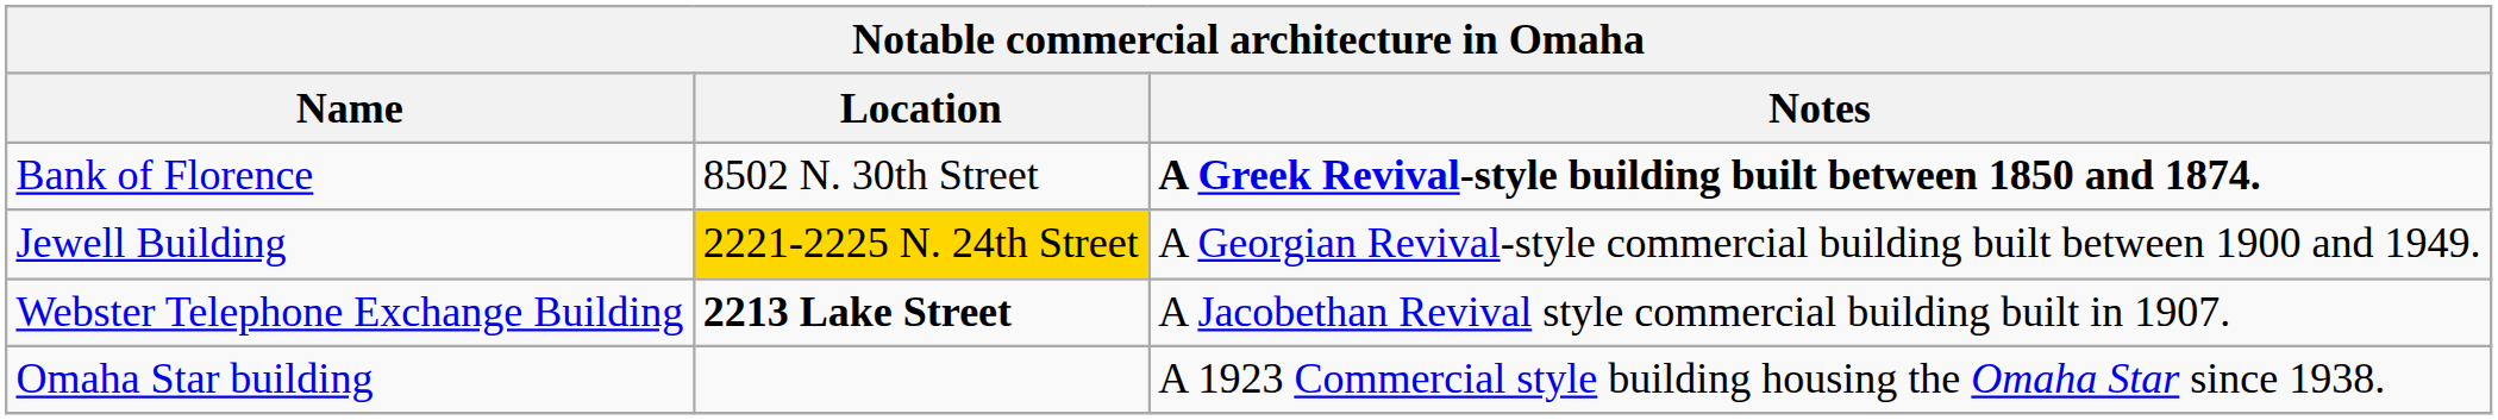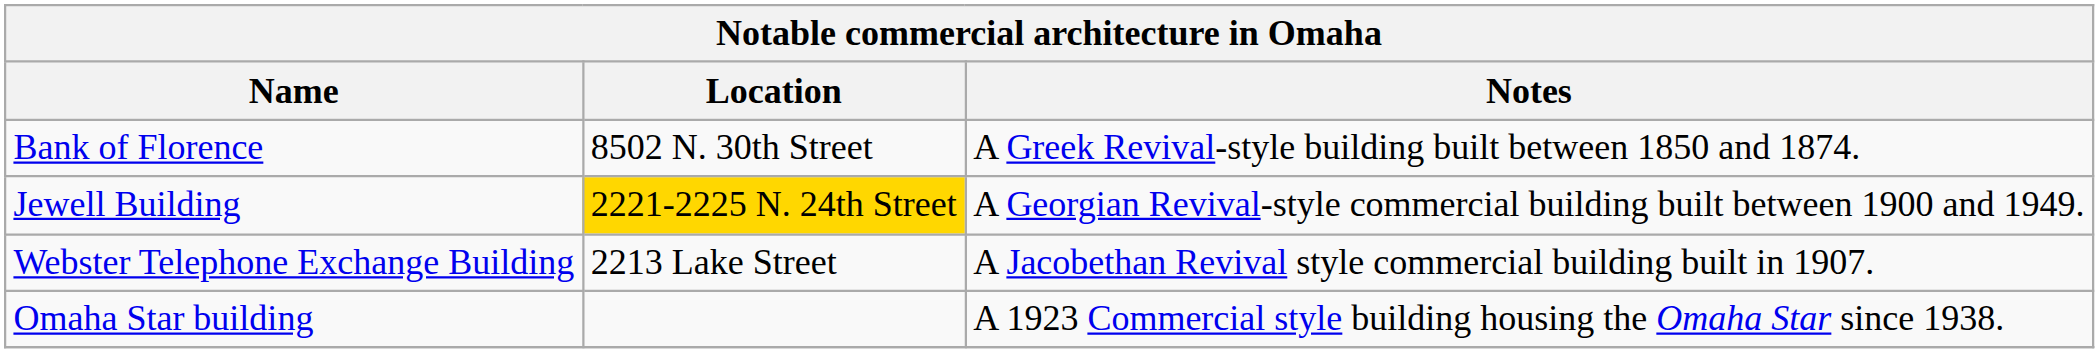 <table class="wikitable">
 <tr>
 <th align="center" colspan="6"><strong>Notable commercial architecture in Omaha</strong></th>
 </tr>
 <tr>
 <th>Name</th>
 <th>Location</th>
 <th>Notes</th>
 </tr>
 <tr>
 <td><a href='#'>Bank of Florence</a></td>
 <td>8502 N. 30th Street</td>
-<td><strong>A <a href='#'>Greek Revival</a>-style building built between 1850 and 1874.</strong></td>
+<td>A <a href='#'>Greek Revival</a>-style building built between 1850 and 1874.</td>
 </tr>
 <tr>
 <td><a href='#'>Jewell Building</a></td>
 <td style="background: gold;">2221-2225 N. 24th Street</td>
 <td>A <a href='#'>Georgian Revival</a>-style commercial building built between 1900 and 1949.</td>
 </tr>
 <tr>
 <td><a href='#'>Webster Telephone Exchange Building</a></td>
-<td><strong>2213 Lake Street</strong></td>
+<td>2213 Lake Street</td>
 <td>A <a href='#'>Jacobethan Revival</a> style commercial building built in 1907.</td>
 </tr>
 <tr>
 <td><a href='#'>Omaha Star building</a></td>
 <td></td>
 <td>A 1923 <a href='#'>Commercial style</a> building housing the <em><a href='#'>Omaha Star</a></em> since 1938.</td>
 </tr>
 <tr>
 </tr>
 </table>
